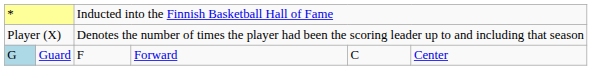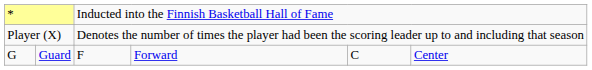 <table class="wikitable">
 <tr>
 <td colspan="2" style="background-color:#FFFF99;">*</td>
 <td colspan="5">Inducted into the <a href='#'>Finnish Basketball Hall of Fame</a></td>
 </tr>
 <tr>
 <td colspan="2">Player (X)</td>
 <td colspan="5">Denotes the number of times the player had been the scoring leader up to and including that season</td>
 </tr>
 <tr>
-<td style="background: lightblue; width:2em">G</td>
+<td style="width:2em">G</td>
 <td colspan="2"><a href='#'>Guard</a></td>
 <td>F</td>
 <td><a href='#'>Forward</a></td>
 <td>C</td>
 <td><a href='#'>Center</a></td>
 </tr>
 </table>
